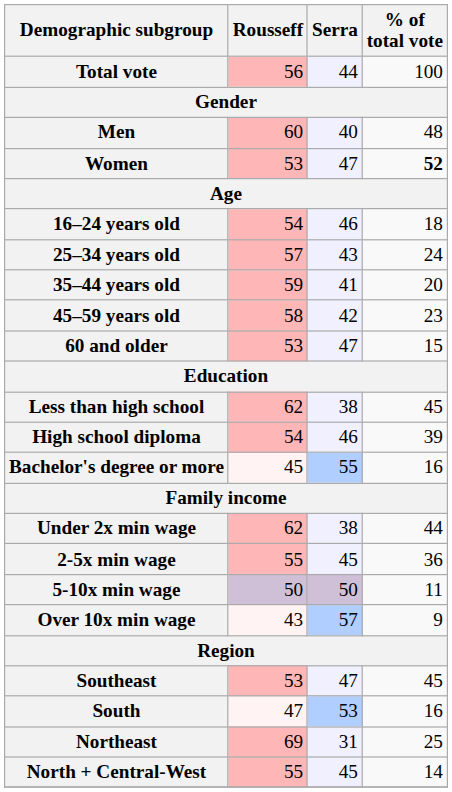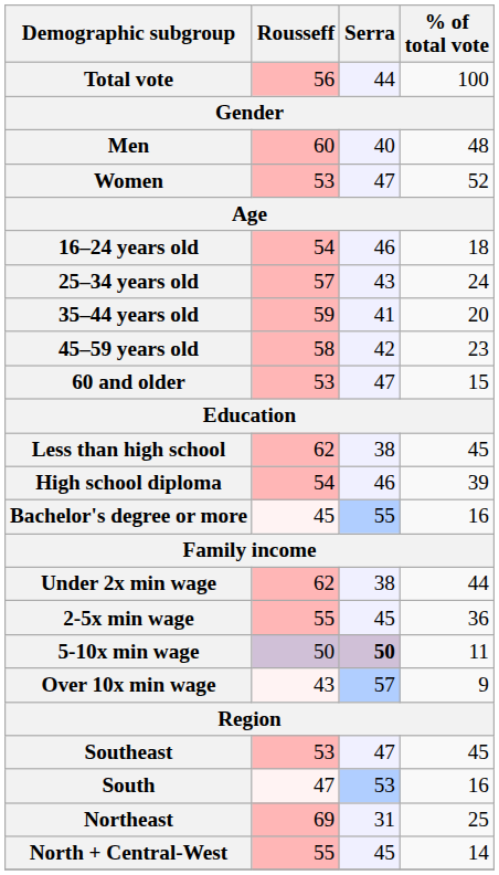 <table class="wikitable plainrowheaders" style="text-align:right;">
 <tr>
 <th scope="col">Demographic subgroup</th>
 <th>Rousseff</th>
 <th>Serra</th>
 <th>% of<br>total vote</th>
 </tr>
 <tr>
 <th scope="row">Total vote</th>
 <td style="background:#ffb6b6;">56</td>
 <td style="background:#f0f0ff;">44</td>
 <td>100</td>
 </tr>
 <tr>
 <th colspan=5>Gender</th>
 </tr>
 <tr>
 <th scope="row">Men</th>
 <td style="background:#ffb6b6;">60</td>
 <td style="background:#f0f0ff;">40</td>
 <td>48</td>
 </tr>
 <tr>
 <th scope="row">Women</th>
 <td style="background:#ffb6b6;">53</td>
 <td style="background:#f0f0ff;">47</td>
-<td><strong>52</strong></td>
+<td>52</td>
 </tr>
 <tr>
 <th colspan=5>Age</th>
 </tr>
 <tr>
 <th scope="row">16–24 years old</th>
 <td style="background:#ffb6b6;">54</td>
 <td style="background:#f0f0ff;">46</td>
 <td>18</td>
 </tr>
 <tr>
 <th scope="row">25–34 years old</th>
 <td style="background:#ffb6b6;">57</td>
 <td style="background:#f0f0ff;">43</td>
 <td>24</td>
 </tr>
 <tr>
 <th scope="row">35–44 years old</th>
 <td style="background:#ffb6b6;">59</td>
 <td style="background:#f0f0ff;">41</td>
 <td>20</td>
 </tr>
 <tr>
 <th scope="row">45–59 years old</th>
 <td style="background:#ffb6b6;">58</td>
 <td style="background:#f0f0ff;">42</td>
 <td>23</td>
 </tr>
 <tr>
 <th scope="row">60 and older</th>
 <td style="background:#ffb6b6;">53</td>
 <td style="background:#f0f0ff;">47</td>
 <td>15</td>
 </tr>
 <tr>
 <th colspan=5>Education</th>
 </tr>
 <tr>
 <th scope="row">Less than high school</th>
 <td style="background:#ffb6b6;">62</td>
 <td style="background:#f0f0ff;">38</td>
 <td>45</td>
 </tr>
 <tr>
 <th scope="row">High school diploma</th>
 <td style="background:#ffb6b6;">54</td>
 <td style="background:#f0f0ff;">46</td>
 <td>39</td>
 </tr>
 <tr>
 <th scope="row">Bachelor's degree or more</th>
 <td style="background:#fff3f3;">45</td>
 <td style="background:#b0ceff;">55</td>
 <td>16</td>
 </tr>
 <tr>
 <th colspan=5>Family income</th>
 </tr>
 <tr>
 <th scope="row">Under 2x min wage</th>
 <td style="background:#ffb6b6;">62</td>
 <td style="background:#f0f0ff;">38</td>
 <td>44</td>
 </tr>
 <tr>
 <th scope="row">2-5x min wage</th>
 <td style="background:#ffb6b6;">55</td>
 <td style="background:#f0f0ff;">45</td>
 <td>36</td>
 </tr>
 <tr>
 <th scope="row">5-10x min wage</th>
 <td style="background:#d0c0d7;">50</td>
-<td style="background:#d0c0d7;">50</td>
+<td style="background:#d0c0d7;"><strong>50</strong></td>
 <td>11</td>
 </tr>
 <tr>
 <th scope="row">Over 10x min wage</th>
 <td style="background:#fff3f3;">43</td>
 <td style="background:#b0ceff;">57</td>
 <td>9</td>
 </tr>
 <tr>
 <th colspan=5>Region</th>
 </tr>
 <tr>
 <th scope="row">Southeast</th>
 <td style="background:#ffb6b6;">53</td>
 <td style="background:#f0f0ff;">47</td>
 <td>45</td>
 </tr>
 <tr>
 <th scope="row">South</th>
 <td style="background:#fff3f3;">47</td>
 <td style="background:#b0ceff;">53</td>
 <td>16</td>
 </tr>
 <tr>
 <th scope="row">Northeast</th>
 <td style="background:#ffb6b6;">69</td>
 <td style="background:#f0f0ff;">31</td>
 <td>25</td>
 </tr>
 <tr>
 <th scope="row">North + Central-West</th>
 <td style="background:#ffb6b6;">55</td>
 <td style="background:#f0f0ff;">45</td>
 <td>14</td>
 </tr>
 <tr>
 </tr>
 </table>
